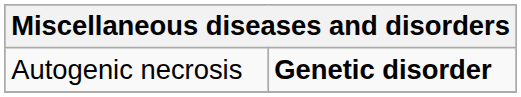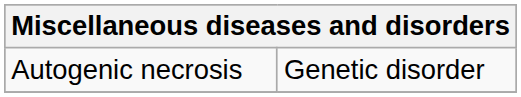 <table class="wikitable" style="clear">
 <tr>
 <th colspan=2><strong>Miscellaneous diseases and disorders</strong><br></th>
 </tr>
 <tr>
 <td>Autogenic necrosis</td>
-<td><strong>Genetic disorder</strong></td>
+<td>Genetic disorder</td>
 </tr>
 <tr>
 </tr>
 </table>
